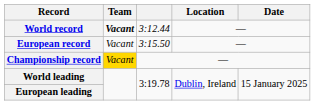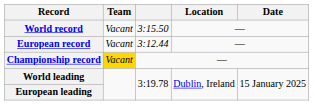 <table class="wikitable">
 <tr>
 <th scope="col">Record</th>
 <th scope="col">Team</th>
 <th scope="col"></th>
 <th scope="col">Location</th>
 <th scope="col">Date</th>
 </tr>
 <tr>
 <th scope="row"><a href='#'>World record</a></th>
-<td style="text-align:center"><strong><em>Vacant</em></strong></td>
-<td style="text-align:center"><em>3:12.44</em></td>
+<td style="text-align:center"><em>Vacant</em></td>
+<td style="text-align:center"><em>3:15.50</em></td>
 <td colspan="2" style="text-align:center">—</td>
 </tr>
 <tr>
 <th scope="row"><a href='#'>European record</a></th>
 <td style="text-align:center"><em>Vacant</em></td>
-<td style="text-align:center"><em>3:15.50</em></td>
+<td style="text-align:center"><em>3:12.44</em></td>
 <td colspan="2" style="text-align:center">—</td>
 </tr>
 <tr>
 <th scope="row"><a href='#'>Championship record</a></th>
 <td style="background: gold; text-align:center"><em>Vacant</em></td>
 <td colspan="3" style="text-align:center">—</td>
 </tr>
 <tr>
 <th scope="row">World leading</th>
 <td rowspan="2"></td>
 <td rowspan="2" style="text-align:center">3:19.78</td>
 <td rowspan="2"><a href='#'>Dublin</a>, Ireland</td>
 <td rowspan="2">15 January 2025</td>
 </tr>
 <tr>
 <th scope="row">European leading</th>
 </tr>
 </table>
